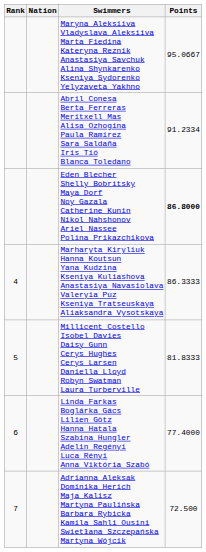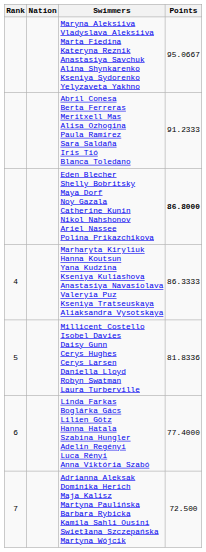 <table class="wikitable sortable" style="text-align:center">
 <tr>
 <th>Rank</th>
 <th>Nation</th>
 <th class=unsortable>Swimmers</th>
 <th>Points</th>
 </tr>
 <tr>
 <td></td>
 <td align=left></td>
 <td align=left><a href='#'>Maryna Aleksiiva</a><br><a href='#'>Vladyslava Aleksiiva</a><br><a href='#'>Marta Fiedina</a><br><a href='#'>Kateryna Reznik</a><br><a href='#'>Anastasiya Savchuk</a><br><a href='#'>Alina Shynkarenko</a><br><a href='#'>Kseniya Sydorenko</a><br><a href='#'>Yelyzaveta Yakhno</a></td>
 <td>95.0667</td>
 </tr>
 <tr>
 <td></td>
 <td align=left></td>
 <td align=left><a href='#'>Abril Conesa</a><br><a href='#'>Berta Ferreras</a><br><a href='#'>Meritxell Mas</a><br><a href='#'>Alisa Ozhogina</a><br><a href='#'>Paula Ramírez</a><br><a href='#'>Sara Saldaña</a><br><a href='#'>Iris Tió</a><br><a href='#'>Blanca Toledano</a></td>
-<td>91.2334</td>
+<td>91.2333</td>
 </tr>
 <tr>
 <td></td>
 <td align=left></td>
 <td align=left><a href='#'>Eden Blecher</a><br><a href='#'>Shelly Bobritsky</a><br><a href='#'>Maya Dorf</a><br><a href='#'>Noy Gazala</a><br><a href='#'>Catherine Kunin</a><br><a href='#'>Nikol Nahshonov</a><br><a href='#'>Ariel Nassee</a><br><a href='#'>Polina Prikazchikova</a></td>
 <td><strong>86.8000</strong></td>
 </tr>
 <tr>
 <td>4</td>
 <td align=left></td>
 <td align=left><a href='#'>Marharyta Kiryliuk</a><br><a href='#'>Hanna Koutsun</a><br><a href='#'>Yana Kudzina</a><br><a href='#'>Kseniya Kuliashova</a><br><a href='#'>Anastasiya Navasiolava</a><br><a href='#'>Valeryia Puz</a><br><a href='#'>Kseniya Tratseuskaya</a><br><a href='#'>Aliaksandra Vysotskaya</a></td>
 <td>86.3333</td>
 </tr>
 <tr>
 <td>5</td>
 <td align=left></td>
 <td align=left><a href='#'>Millicent Costello</a><br><a href='#'>Isobel Davies</a><br><a href='#'>Daisy Gunn</a><br><a href='#'>Cerys Hughes</a><br><a href='#'>Cerys Larsen</a><br><a href='#'>Daniella Lloyd</a><br><a href='#'>Robyn Swatman</a><br><a href='#'>Laura Turberville</a></td>
-<td>81.8333</td>
+<td>81.8336</td>
 </tr>
 <tr>
 <td>6</td>
 <td align=left></td>
 <td align=left><a href='#'>Linda Farkas</a><br><a href='#'>Boglárka Gács</a><br><a href='#'>Lilien Götz</a><br><a href='#'>Hanna Hatala</a><br><a href='#'>Szabina Hungler</a><br><a href='#'>Adelin Regényi</a><br><a href='#'>Luca Rényi</a><br><a href='#'>Anna Viktória Szabó</a></td>
 <td>77.4000</td>
 </tr>
 <tr>
 <td>7</td>
 <td align=left></td>
 <td align=left><a href='#'>Adrianna Aleksak</a><br><a href='#'>Dominika Herich</a><br><a href='#'>Maja Kalisz</a><br><a href='#'>Martyna Paulińska</a><br><a href='#'>Barbara Rybicka</a><br><a href='#'>Kamila Sahli Ousini</a><br><a href='#'>Swietłana Szczepańska</a><br><a href='#'>Martyna Wójcik</a></td>
 <td>72.500</td>
 </tr>
 </table>
